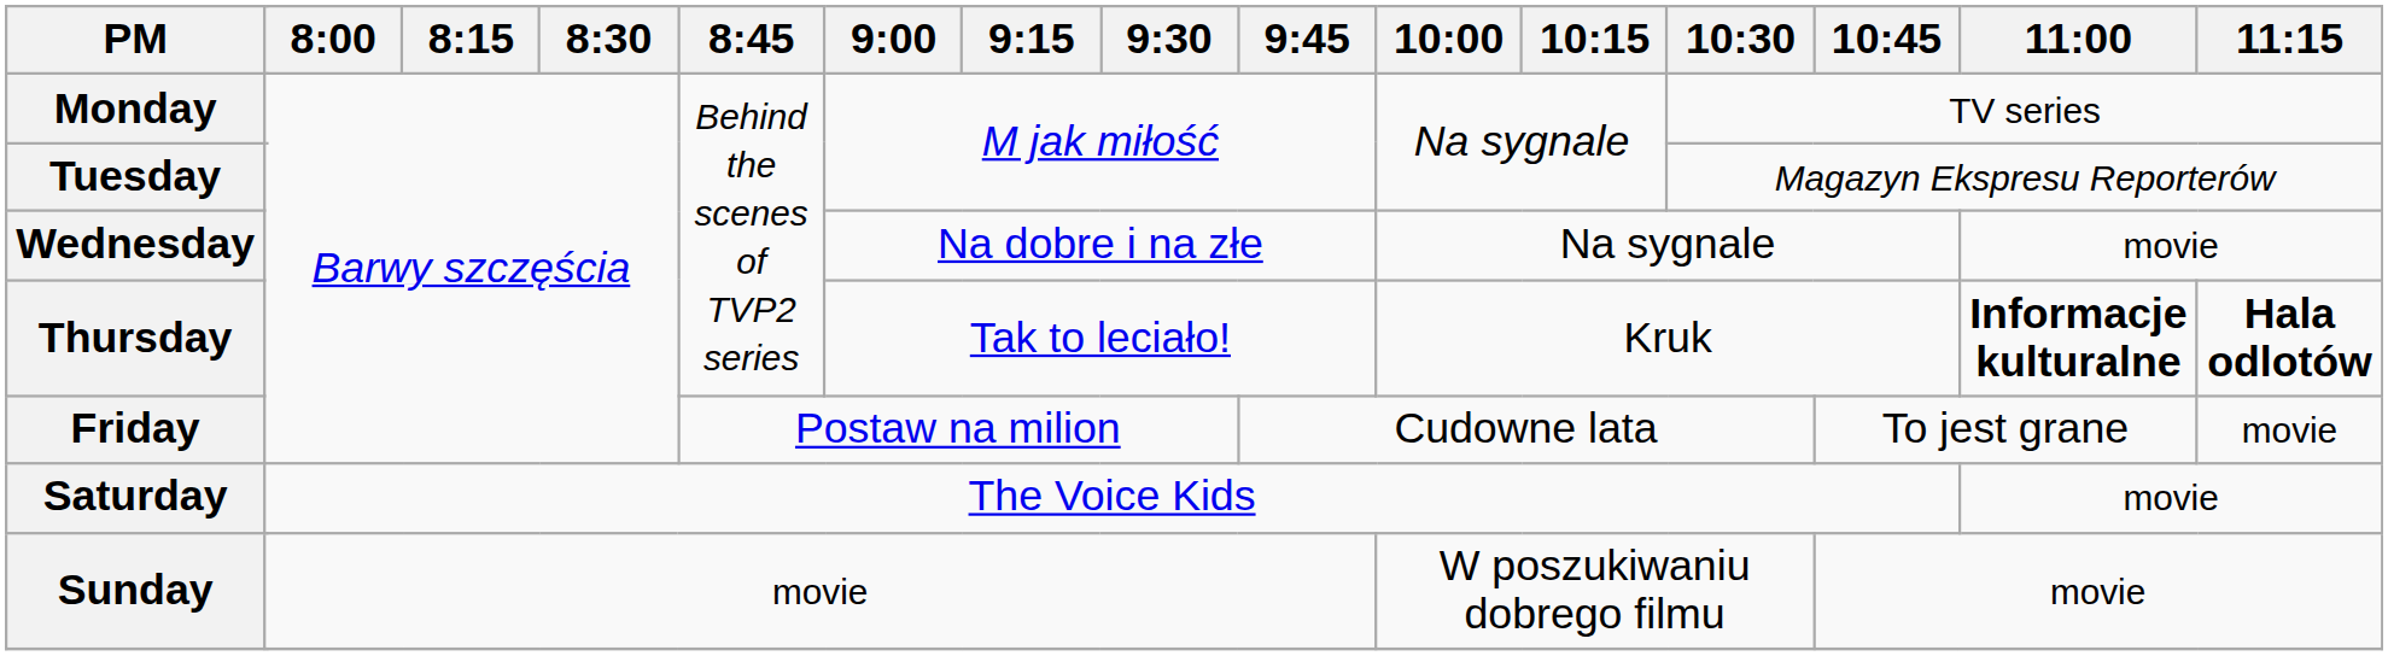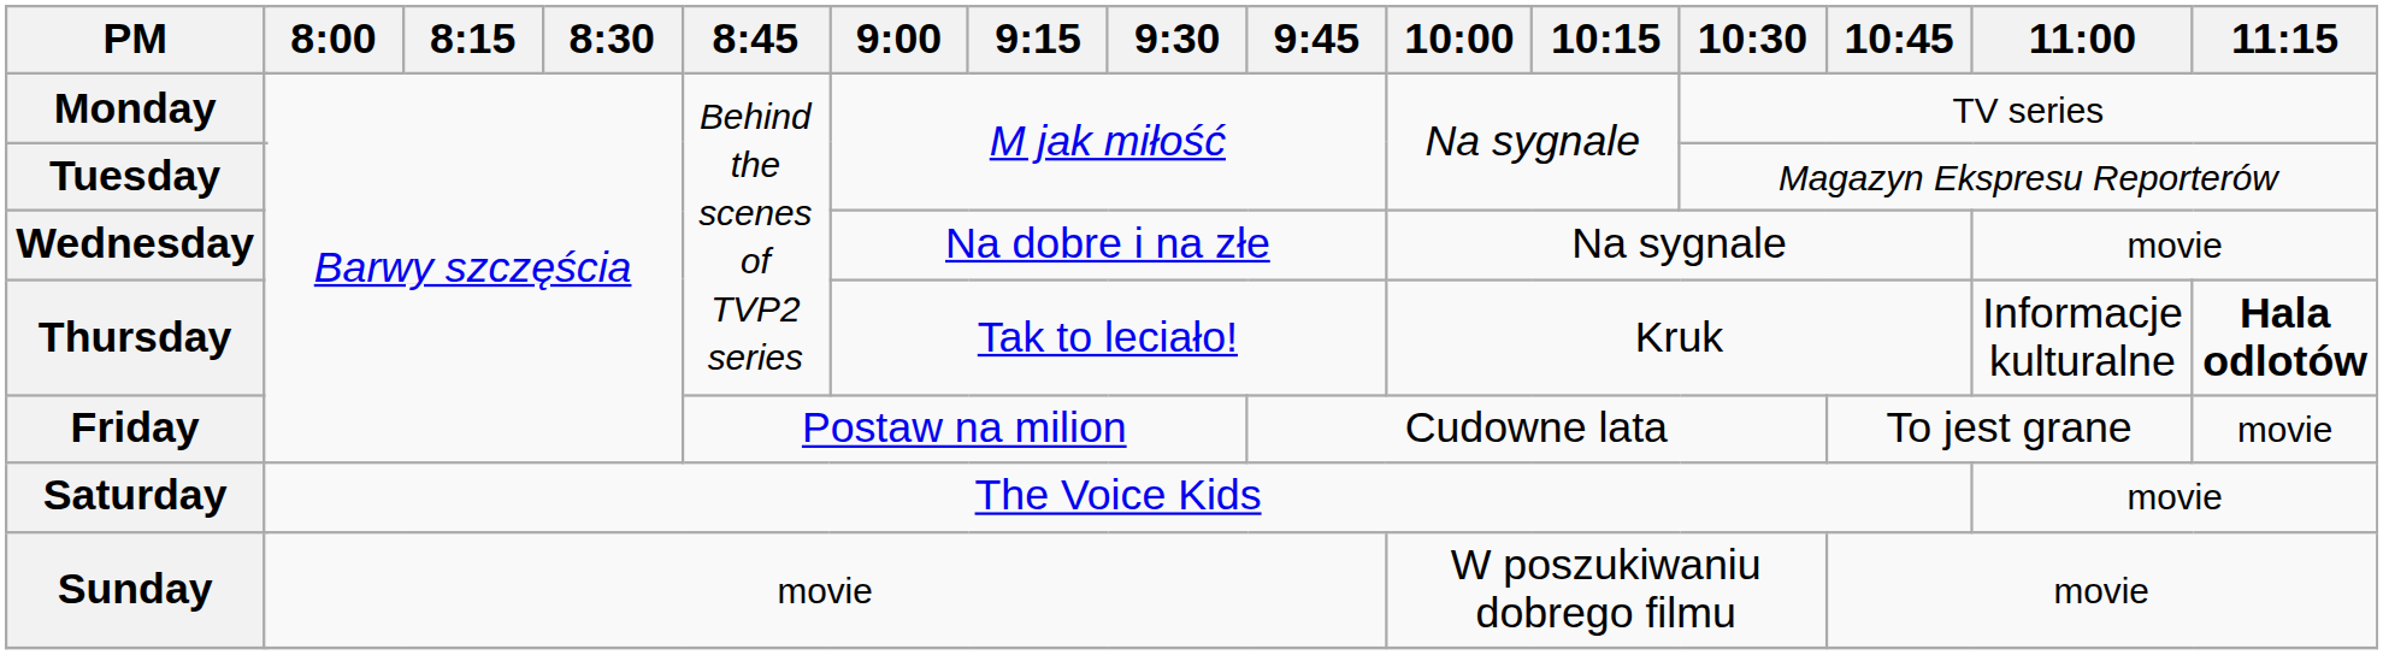 <table class="wikitable" style="width:100%;margin-right:0;text-align:center">
 <tr>
 <th colspan="2" width="8%">PM</th>
 <th width="50px">8:00</th>
 <th width="50px">8:15</th>
 <th width="50px">8:30</th>
 <th width="50px">8:45</th>
 <th width="50px">9:00</th>
 <th width="50px">9:15</th>
 <th width="50px">9:30</th>
 <th width="50px">9:45</th>
 <th width="50px">10:00</th>
 <th width="50px">10:15</th>
 <th width="50px">10:30</th>
 <th width="50px">10:45</th>
 <th width="50px">11:00</th>
 <th width="50px">11:15</th>
 </tr>
 <tr>
 <th colspan="2" rowspan="1">Monday</th>
 <td bgcolor="" colspan="3" rowspan="5"><em><a href='#'>Barwy szczęścia</a></em></td>
 <td bgcolor="" colspan="1" rowspan="4"><small><em>Behind the scenes of TVP2 series</em></small></td>
 <td bgcolor="" colspan="4" rowspan="2"><em><a href='#'>M jak miłość</a></em></td>
 <td bgcolor="" colspan="2" rowspan="2"><em>Na sygnale</em></td>
 <td bgcolor="" colspan="4" rowspan="1"><small>TV series</small></td>
 </tr>
 <tr>
 <th colspan="2" rowspan="1">Tuesday</th>
 <td bgcolor="" colspan="4" rowspan="1"><small><em>Magazyn Ekspresu Reporterów</small></td>
 </tr>
 <tr>
 <th colspan="2" rowspan="1">Wednesday</th>
 <td bgcolor="" colspan="4" rowspan="1"></em><a href='#'>Na dobre i na złe</a><em></td>
 <td bgcolor="" colspan="4" rowspan="1"></em>Na sygnale<em></td>
 <td bgcolor="" colspan="3" rowspan="1"><small>movie</small></td>
 </tr>
 <tr>
 <th colspan="2" rowspan="1">Thursday</th>
 <td bgcolor="" colspan="4" rowspan="1"></em><a href='#'>Tak to leciało!</a><em></td>
 <td colspan="4" rowspan="1:"></em>Kruk<em></td>
-<td bgcolor="" colspan="1" rowspan="1"><strong></em>Informacje kulturalne<em></strong></td>
+<td bgcolor="" colspan="1" rowspan="1"></em>Informacje kulturalne<em></td>
 <td bgcolor="" colspan="1" rowspan="1"><strong></em>Hala odlotów<em></strong></td>
 </tr>
 <tr>
 <th colspan="2">Friday</th>
 <td bgcolor="" colspan="4" rowspan="1"></em><a href='#'>Postaw na milion</a><em></td>
 <td bgcolor="" colspan="4" rowspan="1"></em>Cudowne lata<em></td>
 <td bgcolor="" colspan="2" rowspan="1"></em>To jest grane<em></td>
 <td bgcolor="" colspan="3" rowspan="1"><small>movie</small></td>
 </tr>
 <tr>
 <th colspan="2">Saturday</th>
 <td bgcolor="" colspan="12" rowspan="1"></em><a href='#'>The Voice Kids</a><em></td>
 <td bgcolor="" colspan="2" rowspan="1"><small>movie</small></td>
 </tr>
 <tr>
 <th colspan="2">Sunday</th>
 <td bgcolor="" colspan="8" rowspan="1"><small>movie</small></td>
 <td bgcolor="" colspan="3" rowspan="1"></em>W poszukiwaniu dobrego filmu<em></td>
 <td bgcolor="" colspan="3" rowspan="1"><small>movie</small></td>
 </tr>
 <tr>
 </tr>
 </table>
